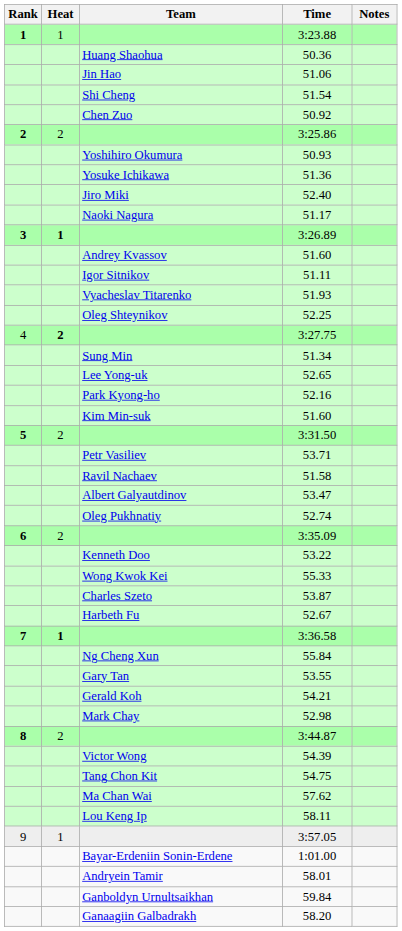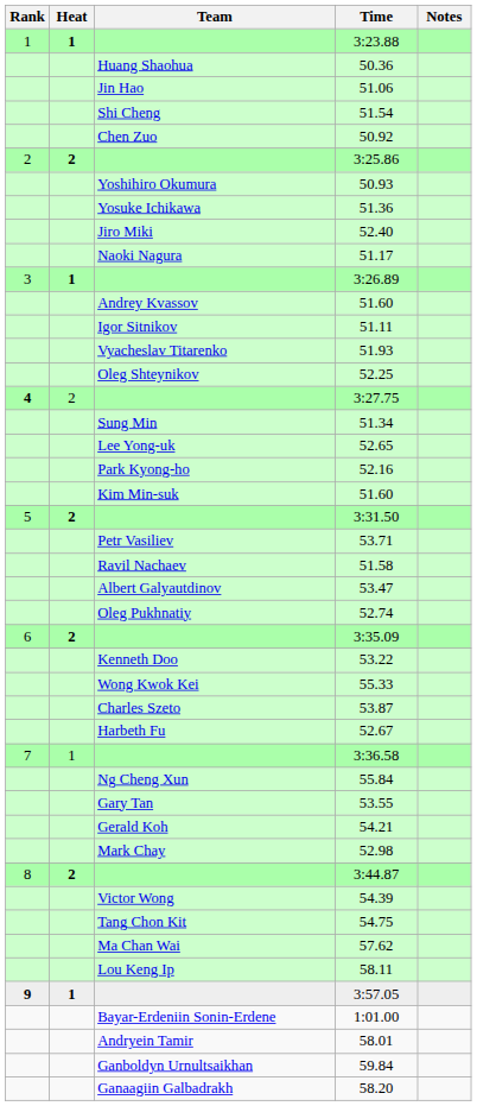 <table class="wikitable" style="text-align:center">
 <tr>
 <th width=40>Rank</th>
 <th width=40>Heat</th>
 <th width=250>Team</th>
 <th width=80>Time</th>
 <th width=50>Notes</th>
 </tr>
 <tr bgcolor="aaffaa">
+<td>1</td>
 <td><strong>1</strong></td>
-<td>1</td>
 <td align=left></td>
 <td>3:23.88</td>
 <td></td>
 </tr>
 <tr bgcolor="ccffcc">
 <td></td>
 <td></td>
 <td align=left><a href='#'>Huang Shaohua</a></td>
 <td>50.36</td>
 <td></td>
 </tr>
 <tr bgcolor="ccffcc">
 <td></td>
 <td></td>
 <td align=left><a href='#'>Jin Hao</a></td>
 <td>51.06</td>
 <td></td>
 </tr>
 <tr bgcolor="ccffcc">
 <td></td>
 <td></td>
 <td align=left><a href='#'>Shi Cheng</a></td>
 <td>51.54</td>
 <td></td>
 </tr>
 <tr bgcolor="ccffcc">
 <td></td>
 <td></td>
 <td align=left><a href='#'>Chen Zuo</a></td>
 <td>50.92</td>
 <td></td>
 </tr>
 <tr bgcolor="aaffaa">
+<td>2</td>
 <td><strong>2</strong></td>
-<td>2</td>
 <td align=left></td>
 <td>3:25.86</td>
 <td></td>
 </tr>
 <tr bgcolor="ccffcc">
 <td></td>
 <td></td>
 <td align=left><a href='#'>Yoshihiro Okumura</a></td>
 <td>50.93</td>
 <td></td>
 </tr>
 <tr bgcolor="ccffcc">
 <td></td>
 <td></td>
 <td align=left><a href='#'>Yosuke Ichikawa</a></td>
 <td>51.36</td>
 <td></td>
 </tr>
 <tr bgcolor="ccffcc">
 <td></td>
 <td></td>
 <td align=left><a href='#'>Jiro Miki</a></td>
 <td>52.40</td>
 <td></td>
 </tr>
 <tr bgcolor="ccffcc">
 <td></td>
 <td></td>
 <td align=left><a href='#'>Naoki Nagura</a></td>
 <td>51.17</td>
 <td></td>
 </tr>
 <tr bgcolor="aaffaa">
-<td><strong>3</strong></td>
+<td>3</td>
 <td><strong>1</strong></td>
 <td align=left></td>
 <td>3:26.89</td>
 <td></td>
 </tr>
 <tr bgcolor="ccffcc">
 <td></td>
 <td></td>
 <td align=left><a href='#'>Andrey Kvassov</a></td>
 <td>51.60</td>
 <td></td>
 </tr>
 <tr bgcolor="ccffcc">
 <td></td>
 <td></td>
 <td align=left><a href='#'>Igor Sitnikov</a></td>
 <td>51.11</td>
 <td></td>
 </tr>
 <tr bgcolor="ccffcc">
 <td></td>
 <td></td>
 <td align=left><a href='#'>Vyacheslav Titarenko</a></td>
 <td>51.93</td>
 <td></td>
 </tr>
 <tr bgcolor="ccffcc">
 <td></td>
 <td></td>
 <td align=left><a href='#'>Oleg Shteynikov</a></td>
 <td>52.25</td>
 <td></td>
 </tr>
 <tr bgcolor="aaffaa">
-<td>4</td>
-<td><strong>2</strong></td>
+<td><strong>4</strong></td>
+<td>2</td>
 <td align=left></td>
 <td>3:27.75</td>
 <td></td>
 </tr>
 <tr bgcolor="ccffcc">
 <td></td>
 <td></td>
 <td align=left><a href='#'>Sung Min</a></td>
 <td>51.34</td>
 <td></td>
 </tr>
 <tr bgcolor="ccffcc">
 <td></td>
 <td></td>
 <td align=left><a href='#'>Lee Yong-uk</a></td>
 <td>52.65</td>
 <td></td>
 </tr>
 <tr bgcolor="ccffcc">
 <td></td>
 <td></td>
 <td align=left><a href='#'>Park Kyong-ho</a></td>
 <td>52.16</td>
 <td></td>
 </tr>
 <tr bgcolor="ccffcc">
 <td></td>
 <td></td>
 <td align=left><a href='#'>Kim Min-suk</a></td>
 <td>51.60</td>
 <td></td>
 </tr>
 <tr bgcolor="aaffaa">
-<td><strong>5</strong></td>
-<td>2</td>
+<td>5</td>
+<td><strong>2</strong></td>
 <td align=left></td>
 <td>3:31.50</td>
 <td></td>
 </tr>
 <tr bgcolor="ccffcc">
 <td></td>
 <td></td>
 <td align=left><a href='#'>Petr Vasiliev</a></td>
 <td>53.71</td>
 <td></td>
 </tr>
 <tr bgcolor="ccffcc">
 <td></td>
 <td></td>
 <td align=left><a href='#'>Ravil Nachaev</a></td>
 <td>51.58</td>
 <td></td>
 </tr>
 <tr bgcolor="ccffcc">
 <td></td>
 <td></td>
 <td align=left><a href='#'>Albert Galyautdinov</a></td>
 <td>53.47</td>
 <td></td>
 </tr>
 <tr bgcolor="ccffcc">
 <td></td>
 <td></td>
 <td align=left><a href='#'>Oleg Pukhnatiy</a></td>
 <td>52.74</td>
 <td></td>
 </tr>
 <tr bgcolor="aaffaa">
-<td><strong>6</strong></td>
-<td>2</td>
+<td>6</td>
+<td><strong>2</strong></td>
 <td align=left></td>
 <td>3:35.09</td>
 <td></td>
 </tr>
 <tr bgcolor="ccffcc">
 <td></td>
 <td></td>
 <td align=left><a href='#'>Kenneth Doo</a></td>
 <td>53.22</td>
 <td></td>
 </tr>
 <tr bgcolor="ccffcc">
 <td></td>
 <td></td>
 <td align=left><a href='#'>Wong Kwok Kei</a></td>
 <td>55.33</td>
 <td></td>
 </tr>
 <tr bgcolor="ccffcc">
 <td></td>
 <td></td>
 <td align=left><a href='#'>Charles Szeto</a></td>
 <td>53.87</td>
 <td></td>
 </tr>
 <tr bgcolor="ccffcc">
 <td></td>
 <td></td>
 <td align=left><a href='#'>Harbeth Fu</a></td>
 <td>52.67</td>
 <td></td>
 </tr>
 <tr bgcolor="aaffaa">
-<td><strong>7</strong></td>
-<td><strong>1</strong></td>
+<td>7</td>
+<td>1</td>
 <td align=left></td>
 <td>3:36.58</td>
 <td></td>
 </tr>
 <tr bgcolor="ccffcc">
 <td></td>
 <td></td>
 <td align=left><a href='#'>Ng Cheng Xun</a></td>
 <td>55.84</td>
 <td></td>
 </tr>
 <tr bgcolor="ccffcc">
 <td></td>
 <td></td>
 <td align=left><a href='#'>Gary Tan</a></td>
 <td>53.55</td>
 <td></td>
 </tr>
 <tr bgcolor="ccffcc">
 <td></td>
 <td></td>
 <td align=left><a href='#'>Gerald Koh</a></td>
 <td>54.21</td>
 <td></td>
 </tr>
 <tr bgcolor="ccffcc">
 <td></td>
 <td></td>
 <td align=left><a href='#'>Mark Chay</a></td>
 <td>52.98</td>
 <td></td>
 </tr>
 <tr bgcolor="aaffaa">
-<td><strong>8</strong></td>
-<td>2</td>
+<td>8</td>
+<td><strong>2</strong></td>
 <td align=left></td>
 <td>3:44.87</td>
 <td></td>
 </tr>
 <tr bgcolor="ccffcc">
 <td></td>
 <td></td>
 <td align=left><a href='#'>Victor Wong</a></td>
 <td>54.39</td>
 <td></td>
 </tr>
 <tr bgcolor="ccffcc">
 <td></td>
 <td></td>
 <td align=left><a href='#'>Tang Chon Kit</a></td>
 <td>54.75</td>
 <td></td>
 </tr>
 <tr bgcolor="ccffcc">
 <td></td>
 <td></td>
 <td align=left><a href='#'>Ma Chan Wai</a></td>
 <td>57.62</td>
 <td></td>
 </tr>
 <tr bgcolor="ccffcc">
 <td></td>
 <td></td>
 <td align=left><a href='#'>Lou Keng Ip</a></td>
 <td>58.11</td>
 <td></td>
 </tr>
 <tr bgcolor=eeeeee>
-<td>9</td>
-<td>1</td>
+<td><strong>9</strong></td>
+<td><strong>1</strong></td>
 <td align=left></td>
 <td>3:57.05</td>
 <td></td>
 </tr>
 <tr>
 <td></td>
 <td></td>
 <td align=left><a href='#'>Bayar-Erdeniin Sonin-Erdene</a></td>
 <td>1:01.00</td>
 <td></td>
 </tr>
 <tr>
 <td></td>
 <td></td>
 <td align=left><a href='#'>Andryein Tamir</a></td>
 <td>58.01</td>
 <td></td>
 </tr>
 <tr>
 <td></td>
 <td></td>
 <td align=left><a href='#'>Ganboldyn Urnultsaikhan</a></td>
 <td>59.84</td>
 <td></td>
 </tr>
 <tr>
 <td></td>
 <td></td>
 <td align=left><a href='#'>Ganaagiin Galbadrakh</a></td>
 <td>58.20</td>
 <td></td>
 </tr>
 </table>
